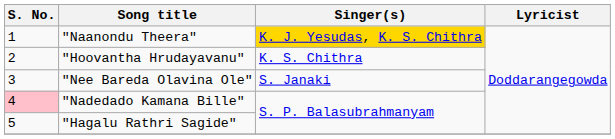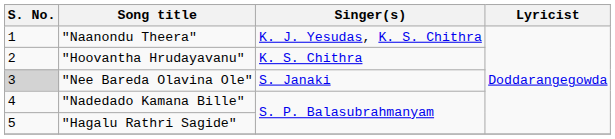 <table class="wikitable">
 <tr>
 <th>S. No.</th>
 <th>Song title</th>
 <th>Singer(s)</th>
 <th>Lyricist</th>
 </tr>
 <tr>
 <td>1</td>
 <td>"Naanondu Theera"</td>
-<td style="background: gold;"><a href='#'>K. J. Yesudas</a>, <a href='#'>K. S. Chithra</a></td>
+<td><a href='#'>K. J. Yesudas</a>, <a href='#'>K. S. Chithra</a></td>
 <td rowspan="5"><a href='#'>Doddarangegowda</a></td>
 </tr>
 <tr>
 <td>2</td>
 <td>"Hoovantha Hrudayavanu"</td>
 <td><a href='#'>K. S. Chithra</a></td>
 </tr>
 <tr>
-<td>3</td>
+<td style="background: lightgrey;">3</td>
 <td>"Nee Bareda Olavina Ole"</td>
 <td><a href='#'>S. Janaki</a></td>
 </tr>
 <tr>
-<td style="background: pink;">4</td>
+<td>4</td>
 <td>"Nadedado Kamana Bille"</td>
 <td rowspan="2"><a href='#'>S. P. Balasubrahmanyam</a></td>
 </tr>
 <tr>
 <td>5</td>
 <td>"Hagalu Rathri Sagide"</td>
 </tr>
 <tr>
 </tr>
 </table>
